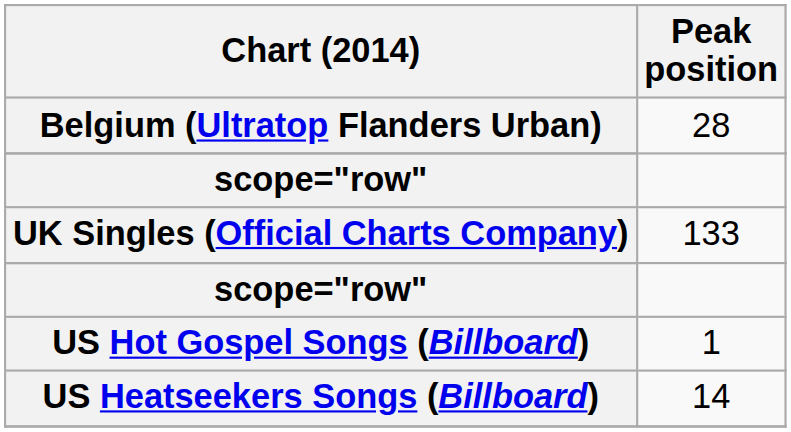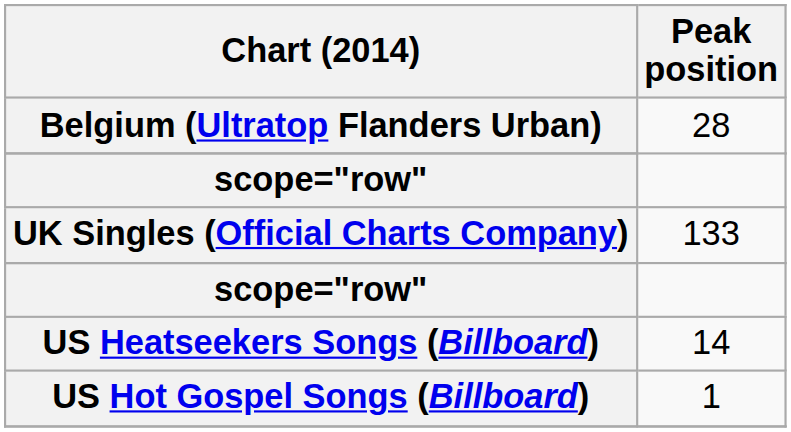 <table class="wikitable sortable plainrowheaders" style="text-align:center;">
 <tr>
 <th scope="col">Chart (2014)</th>
 <th scope="col">Peak<br>position</th>
 </tr>
 <tr>
 <th scope="row">Belgium (<a href='#'>Ultratop</a> Flanders Urban)</th>
 <td>28</td>
 </tr>
 <tr>
 </tr>
 <tr>
 <th>scope="row" </th>
 </tr>
 <tr>
 <th scope="row">UK Singles (<a href='#'>Official Charts Company</a>)</th>
 <td>133</td>
 </tr>
 <tr>
 </tr>
 <tr>
 </tr>
 <tr>
 <th>scope="row" </th>
 </tr>
 <tr>
+<th scope="row">US <a href='#'>Heatseekers Songs</a> (<em><a href='#'>Billboard</a></em>)</th>
+<td>14</td>
+</tr>
+<tr>
 <th scope="row">US <a href='#'>Hot Gospel Songs</a> (<em><a href='#'>Billboard</a></em>)</th>
 <td>1</td>
 </tr>
 <tr>
-<th scope="row">US <a href='#'>Heatseekers Songs</a> (<em><a href='#'>Billboard</a></em>)</th>
-<td>14</td>
-</tr>
-<tr>
 </tr>
 </table>
